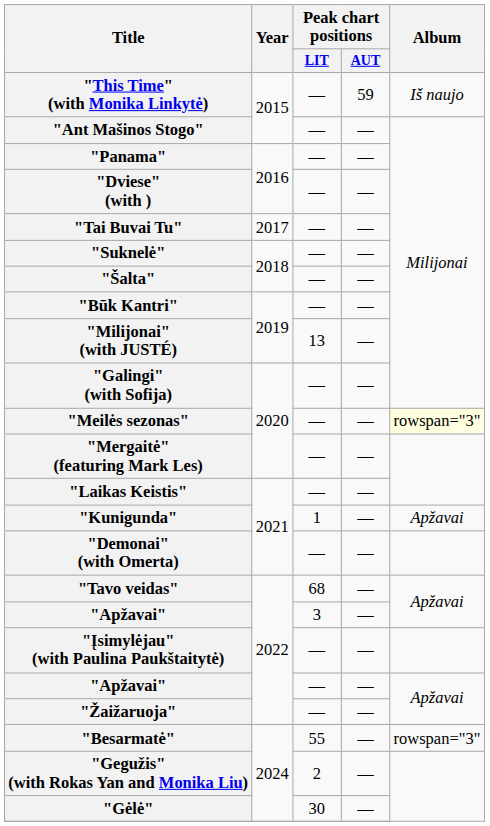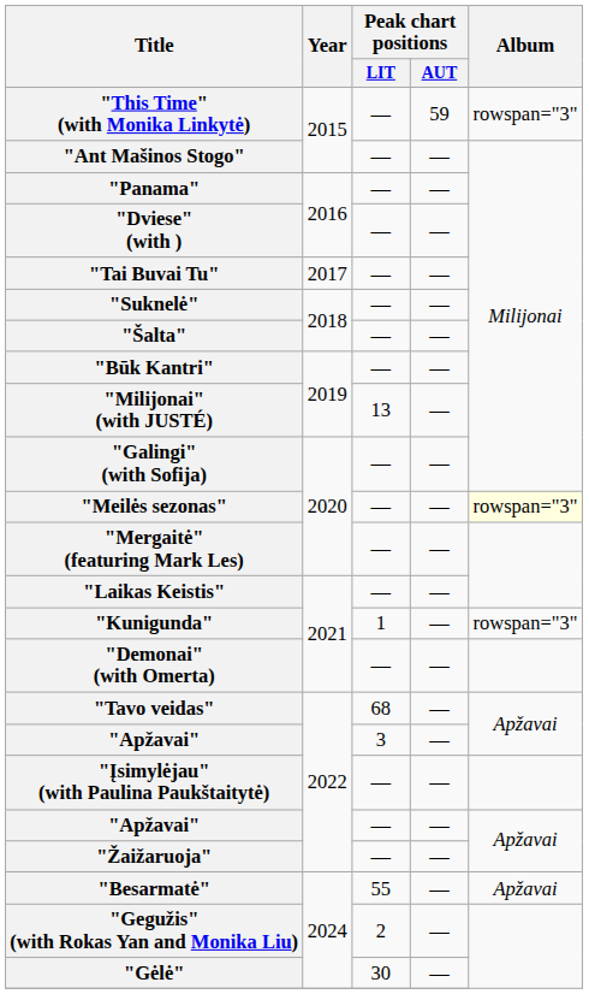 <table class="wikitable plainrowheaders" style="text-align:center;">
 <tr>
 <th scope="col" rowspan="2">Title</th>
 <th scope="col" rowspan="2">Year</th>
 <th scope="col" colspan="2">Peak chart positions</th>
 <th scope="col" rowspan="2">Album</th>
 </tr>
 <tr>
 <th scope="col" style="width:3em;font-size:85%;"><a href='#'>LIT</a></th>
 <th scope="col" style="width:3em;font-size:85%;"><a href='#'>AUT</a><br></th>
 </tr>
 <tr>
 <th scope="row">"<a href='#'>This Time</a>"<br><span>(with <a href='#'>Monika Linkytė</a>)</span></th>
 <td rowspan="2">2015</td>
 <td>—</td>
 <td>59</td>
-<td><em>Iš naujo</em></td>
+<td>rowspan="3" </td>
 </tr>
 <tr>
 <th scope="row">"Ant Mašinos Stogo"</th>
 <td>—</td>
 <td>—</td>
 <td rowspan="9"><em>Milijonai</em></td>
 </tr>
 <tr>
 <th scope="row">"Panama"</th>
 <td rowspan="2">2016</td>
 <td>—</td>
 <td>—</td>
 </tr>
 <tr>
 <th scope="row">"Dviese"<br><span>(with )</span></th>
 <td>—</td>
 <td>—</td>
 </tr>
 <tr>
 <th scope="row">"Tai Buvai Tu"</th>
 <td>2017</td>
 <td>—</td>
 <td>—</td>
 </tr>
 <tr>
 <th scope="row">"Suknelė"</th>
 <td rowspan="2">2018</td>
 <td>—</td>
 <td>—</td>
 </tr>
 <tr>
 <th scope="row">"Šalta"</th>
 <td>—</td>
 <td>—</td>
 </tr>
 <tr>
 <th scope="row">"Būk Kantri"</th>
 <td rowspan="2">2019</td>
 <td>—</td>
 <td>—</td>
 </tr>
 <tr>
 <th scope="row">"Milijonai"<br><span>(with JUSTÉ)</span></th>
 <td>13</td>
 <td>—</td>
 </tr>
 <tr>
 <th scope="row">"Galingi"<br><span>(with Sofija)</span></th>
 <td rowspan="3">2020</td>
 <td>—</td>
 <td>—</td>
 </tr>
 <tr>
 <th scope="row">"Meilės sezonas"</th>
 <td>—</td>
 <td>—</td>
 <td style="background: lightyellow;">rowspan="3" </td>
 </tr>
 <tr>
 <th scope="row">"Mergaitė"<br><span>(featuring Mark Les)</span></th>
 <td>—</td>
 <td>—</td>
 </tr>
 <tr>
 <th scope="row">"Laikas Keistis"</th>
 <td rowspan="3">2021</td>
 <td>—</td>
 <td>—</td>
 </tr>
 <tr>
 <th scope="row">"Kunigunda"</th>
 <td>1</td>
 <td>—</td>
-<td rowspan="1"><em>Apžavai</em></td>
+<td>rowspan="3" </td>
 </tr>
 <tr>
 <th scope="row">"Demonai"<br><span>(with Omerta)</span></th>
 <td>—</td>
 <td>—</td>
 <td></td>
 </tr>
 <tr>
 <th scope="row">"Tavo veidas"</th>
 <td rowspan="5">2022</td>
 <td>68</td>
 <td>—</td>
 <td rowspan="2"><em>Apžavai</em></td>
 </tr>
 <tr>
 <th scope="row">"Apžavai"</th>
 <td>3</td>
 <td>—</td>
 </tr>
 <tr>
 <th scope="row">"Įsimylėjau"<br><span>(with Paulina Paukštaitytė)</span></th>
 <td>—</td>
 <td>—</td>
 <td></td>
 </tr>
 <tr>
 <th scope="row">"Apžavai"</th>
 <td>—</td>
 <td>—</td>
 <td rowspan="2"><em>Apžavai</em></td>
 </tr>
 <tr>
 <th scope="row">"Žaižaruoja"</th>
 <td>—</td>
 <td>—</td>
 </tr>
 <tr>
 <th scope="row">"Besarmatė"</th>
 <td rowspan="3">2024</td>
 <td>55</td>
 <td>—</td>
-<td>rowspan="3" </td>
+<td rowspan="1"><em>Apžavai</em></td>
 </tr>
 <tr>
 <th scope="row">"Gegužis"<br><span>(with Rokas Yan and <a href='#'>Monika Liu</a>)</span></th>
 <td>2</td>
 <td>—</td>
 </tr>
 <tr>
 <th scope="row">"Gėlė"</th>
 <td>30</td>
 <td>—</td>
 </tr>
 <tr>
 </tr>
 </table>
